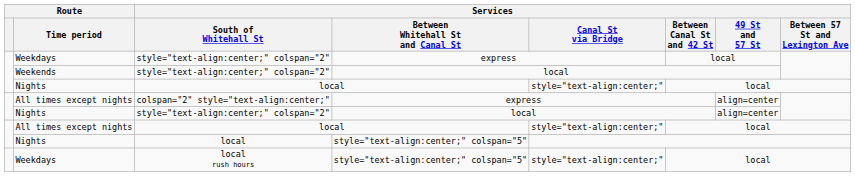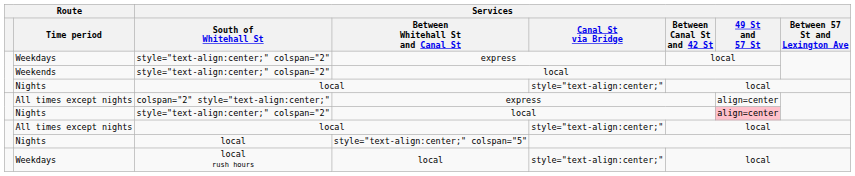 <table class="wikitable">
 <tr>
 <th colspan=2>Route</th>
 <th colspan=6>Services</th>
 </tr>
 <tr>
 <th> </th>
 <th>Time period</th>
 <th>South of<br><a href='#'>Whitehall St</a></th>
 <th>Between<br>Whitehall St<br>and <a href='#'>Canal St</a></th>
 <th><a href='#'>Canal St<br>via Bridge</a></th>
 <th>Between<br>Canal St<br>and <a href='#'>42 St</a></th>
 <th><a href='#'>49 St</a><br>and<br><a href='#'>57 St</a></th>
 <th>Between 57<br>St and<br><a href='#'>Lexington Ave</a></th>
 </tr>
 <tr>
 <td rowspan=3></td>
 <td>Weekdays</td>
 <td>style="text-align:center;" colspan="2" </td>
 <td style="text-align:center;" colspan="2">express</td>
 <td style="text-align:center;" colspan="2">local</td>
 </tr>
 <tr>
 <td>Weekends</td>
 <td>style="text-align:center;" colspan="2" </td>
 <td style="text-align:center;" colspan="4">local</td>
 </tr>
 <tr>
 <td>Nights</td>
 <td style="text-align:center;" colspan="2">local</td>
 <td>style="text-align:center;"  </td>
 <td style="text-align:center;" colspan="3">local</td>
 </tr>
 <tr>
 <td rowspan="2"></td>
 <td>All times except nights</td>
 <td>colspan="2" style="text-align:center;" </td>
 <td colspan="3" style="text-align:center;">express</td>
 <td>align=center </td>
 </tr>
 <tr>
 <td>Nights</td>
 <td>style="text-align:center;" colspan="2" </td>
 <td style="text-align:center;" colspan="3">local</td>
-<td>align=center </td>
+<td style="background: pink;">align=center </td>
 </tr>
 <tr>
 <td rowspan=2></td>
 <td>All times except nights</td>
 <td style="text-align:center;" colspan="2">local</td>
 <td>style="text-align:center;" </td>
 <td style="text-align:center;" colspan="3">local</td>
 </tr>
 <tr>
 <td>Nights</td>
 <td align=center>local</td>
 <td>style="text-align:center;" colspan="5" </td>
 </tr>
 <tr>
 <td></td>
 <td>Weekdays</td>
 <td style="text-align:center;" colspan="1">local<br><small>rush hours</small></td>
-<td>style="text-align:center;" colspan="5" </td>
+<td style="text-align:center;" colspan="1">local</td>
 <td>style="text-align:center;" </td>
 <td colspan="3" style="text-align:center;">local</td>
 </tr>
 </table>
